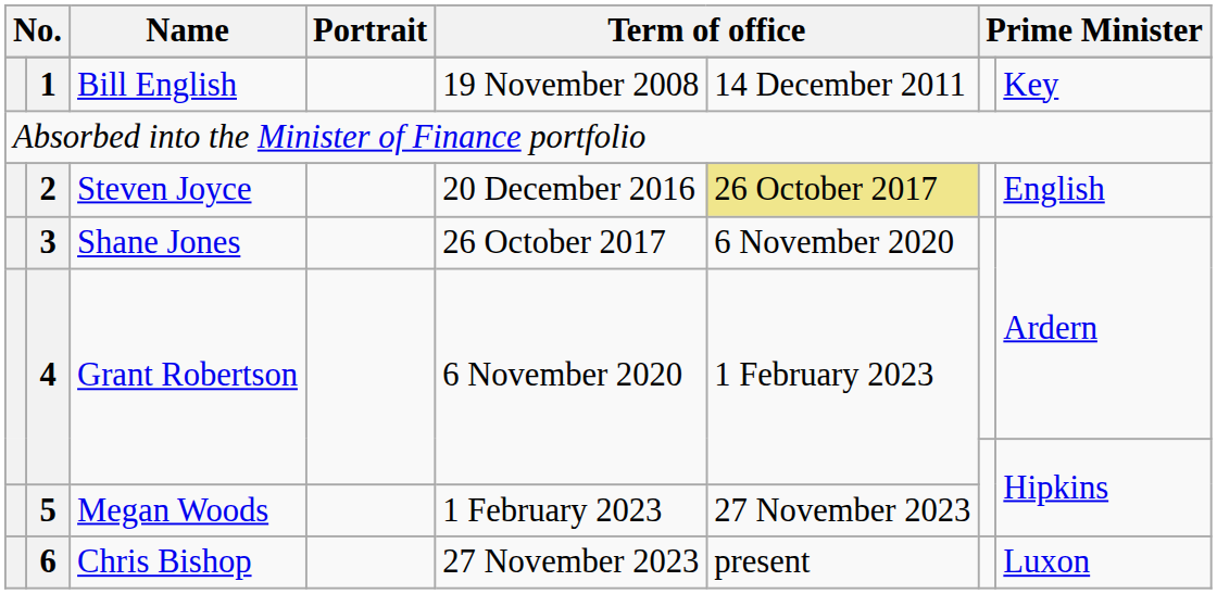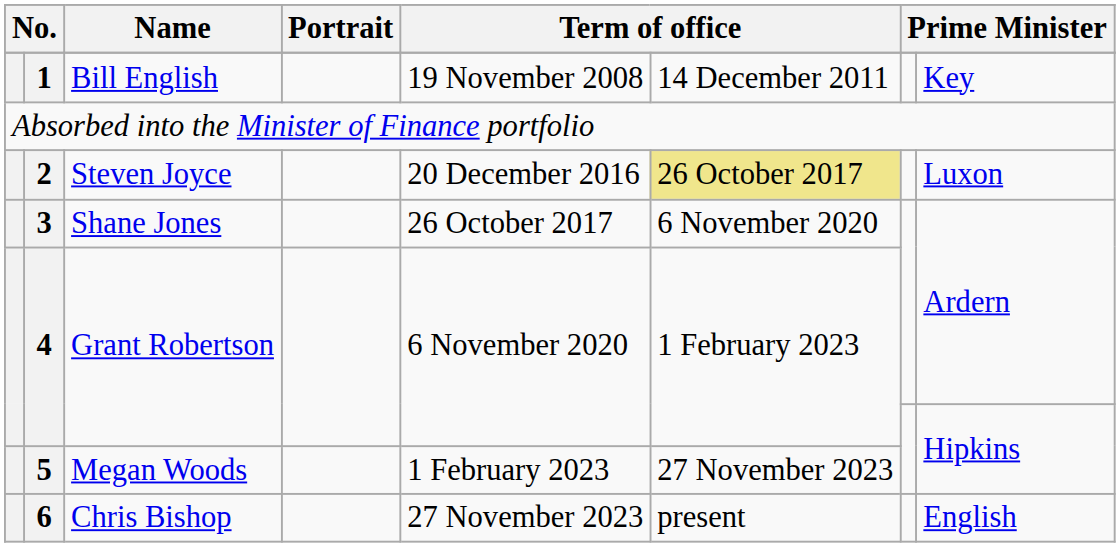 <table class="wikitable">
 <tr>
 <th colspan=2>No.</th>
 <th>Name</th>
 <th>Portrait</th>
 <th colspan=2>Term of office</th>
 <th colspan=2>Prime Minister</th>
 </tr>
 <tr>
 </tr>
 <tr>
 <th style="color:inherit;background:"></th>
 <th>1</th>
 <td><a href='#'>Bill English</a></td>
 <td></td>
 <td>19 November 2008</td>
 <td>14 December 2011</td>
 <td width=1 style="color:inherit;background:"></td>
 <td><a href='#'>Key</a></td>
 </tr>
 <tr>
 <td colspan="8"><em>Absorbed into the <a href='#'>Minister of Finance</a> portfolio</em></td>
 </tr>
 <tr>
 <th style="color:inherit;background:"></th>
 <th>2</th>
 <td><a href='#'>Steven Joyce</a></td>
 <td></td>
 <td>20 December 2016</td>
 <td style="background: khaki;">26 October 2017</td>
 <td style="color:inherit;background:"></td>
-<td><a href='#'>English</a></td>
+<td><a href='#'>Luxon</a></td>
 </tr>
 <tr>
 <th style="color:inherit;background:"></th>
 <th>3</th>
 <td><a href='#'>Shane Jones</a></td>
 <td></td>
 <td>26 October 2017</td>
 <td>6 November 2020</td>
 <td rowspan="2" style="color:inherit;background:"></td>
 <td rowspan="2"><a href='#'>Ardern</a></td>
 </tr>
 <tr>
 <th height="75" style="border-bottom:solid 0 grey; background:"></th>
 <th rowspan="2">4</th>
 <td rowspan="2"><a href='#'>Grant Robertson</a></td>
 <td rowspan="2"></td>
 <td rowspan="2">6 November 2020</td>
 <td rowspan="2">1 February 2023</td>
 </tr>
 <tr>
 <th height="15" style="border-top:solid 0 grey; background:"></th>
 <td rowspan="2" style="color:inherit;background:"></td>
 <td rowspan="2"><a href='#'>Hipkins</a></td>
 </tr>
 <tr>
 <th style="color:inherit;background:"></th>
 <th>5</th>
 <td><a href='#'>Megan Woods</a></td>
 <td></td>
 <td>1 February 2023</td>
 <td>27 November 2023</td>
 </tr>
 <tr>
 <th style="color:inherit;background:"></th>
 <th>6</th>
 <td><a href='#'>Chris Bishop</a></td>
 <td></td>
 <td>27 November 2023</td>
 <td>present</td>
 <td style="color:inherit;background:"></td>
-<td><a href='#'>Luxon</a></td>
+<td><a href='#'>English</a></td>
 </tr>
 </table>
